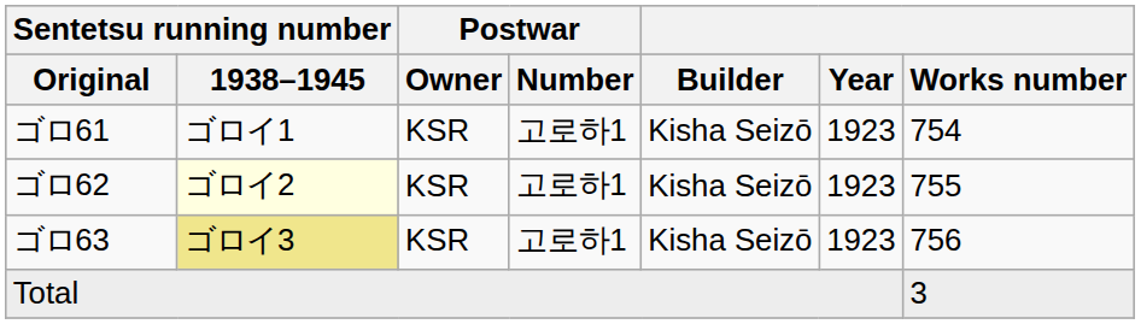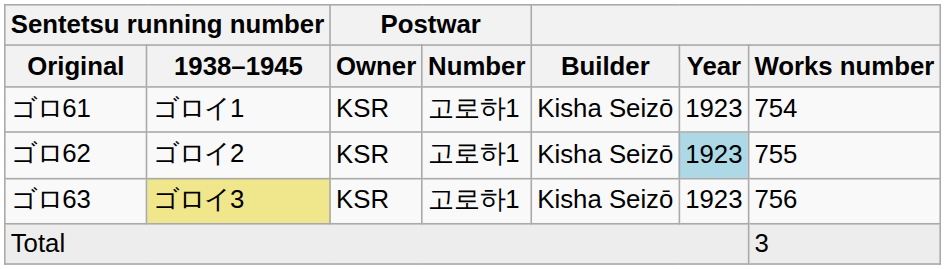 <table class="wikitable">
 <tr>
 <th colspan="2">Sentetsu running number</th>
 <th colspan="2">Postwar</th>
 <th colspan="3"></th>
 </tr>
 <tr>
 <th>Original</th>
 <th>1938–1945</th>
 <th>Owner</th>
 <th>Number</th>
 <th>Builder</th>
 <th>Year</th>
 <th>Works number</th>
 </tr>
 <tr>
 <td>ゴロ61</td>
 <td>ゴロイ1</td>
 <td>KSR</td>
 <td>고로하1</td>
 <td>Kisha Seizō</td>
 <td>1923</td>
 <td>754</td>
 </tr>
 <tr>
 <td>ゴロ62</td>
-<td style="background: lightyellow;">ゴロイ2</td>
+<td>ゴロイ2</td>
 <td>KSR</td>
 <td>고로하1</td>
 <td>Kisha Seizō</td>
-<td>1923</td>
+<td style="background: lightblue;">1923</td>
 <td>755</td>
 </tr>
 <tr>
 <td>ゴロ63</td>
 <td style="background: khaki;">ゴロイ3</td>
 <td>KSR</td>
 <td>고로하1</td>
 <td>Kisha Seizō</td>
 <td>1923</td>
 <td>756</td>
 </tr>
 <tr>
 <td bgcolor=#ededed colspan="6">Total</td>
 <td bgcolor=#ededed>3</td>
 </tr>
 </table>
